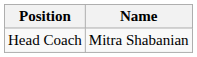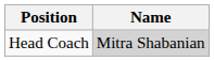 <table class="wikitable">
 <tr>
 <th>Position</th>
 <th>Name</th>
 </tr>
 <tr>
 <td>Head Coach</td>
-<td> Mitra Shabanian</td>
+<td style="background: lightgrey;"> Mitra Shabanian</td>
 </tr>
 </table>
